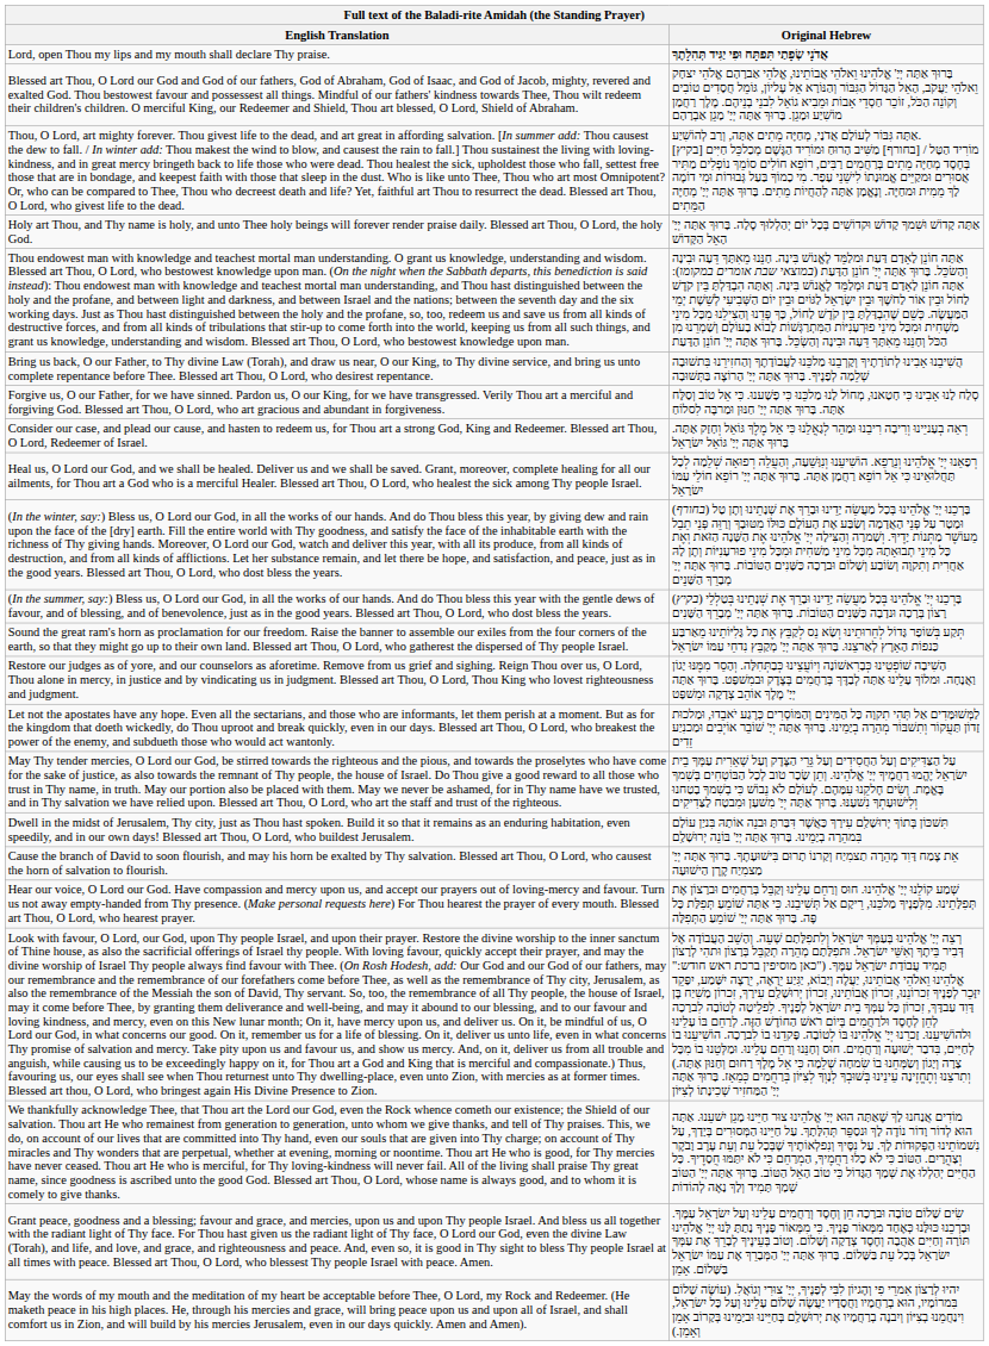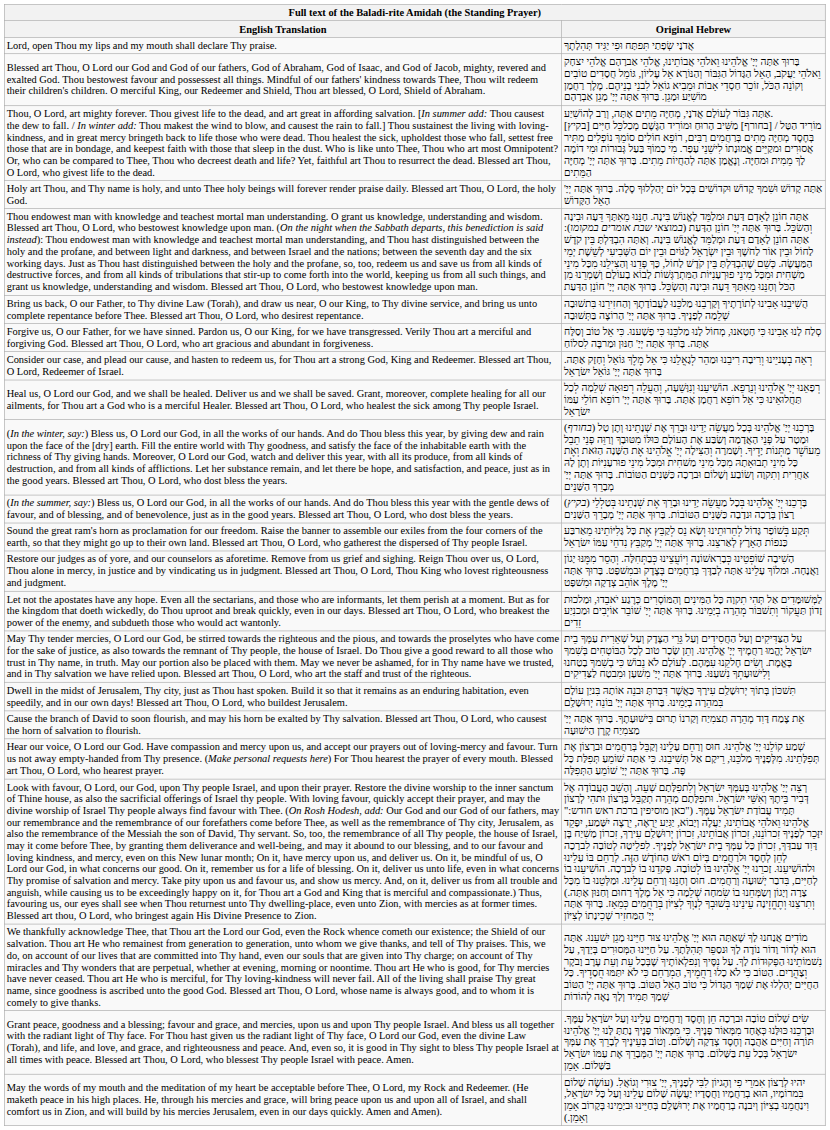 <table class="wikitable collapsible collapsed" style="width:100%">
 <tr>
 <th colspan=2>Full text of the Baladi-rite Amidah (the Standing Prayer)</th>
 </tr>
 <tr>
 <th>English Translation</th>
 <th>Original Hebrew</th>
 </tr>
 <tr>
 <td>Lord, open Thou my lips and my mouth shall declare Thy praise.</td>
-<td><strong>אֲדֹנָי שְׂפָתַי תִּפתָּח וּפִי יַגִּיד תְּהִלָתֶךָ</strong></td>
+<td>אֲדֹנָי שְׂפָתַי תִּפתָּח וּפִי יַגִּיד תְּהִלָתֶךָ</td>
 </tr>
 <tr>
 <td>Blessed art Thou, O Lord our God and God of our fathers, God of Abraham, God of Isaac, and God of Jacob, mighty, revered and exalted God. Thou bestowest favour and possessest all things. Mindful of our fathers' kindness towards Thee, Thou wilt redeem their children's children. O merciful King, our Redeemer and Shield, Thou art blessed, O Lord, Shield of Abraham.</td>
 <td>בָּרוּךְ אַתָּה יְיָ' אֱלֹהֵינוּ וֵאלֹהֵי אֲבוֹתֵינוּ, אֱלֹהֵי אַברָהָם אֱלֹהֵי יִצחָק וֵאלֹהֵי יַעֲקֹב, הָאֵל הַגָּדוֹל הַגִּבּוֹר וְהַנּוֹרָא אֵל עֶליוֹן, גּוֹמֵל חֲסָדִים טוֹבִים וְקוֹנֵה הַכֹּל, זוֹכֵר חַסְדֵי אָבוֹת וּמֵבִיא גוֹאֵל לִבנֵי בְנֵיהֶם. מֶלֶך רַחֲמָן מוֹשִׁיַע וּמָגֵן. בָּרוּךְ אַתָּה יְיָ' מָגֵן אַבְרָהָם</td>
 </tr>
 <tr>
 <td>Thou, O Lord, art mighty forever. Thou givest life to the dead, and art great in affording salvation. [<em>In summer add:</em> Thou causest the dew to fall. / <em>In winter add:</em> Thou makest the wind to blow, and causest the rain to fall.] Thou sustainest the living with loving-kindness, and in great mercy bringeth back to life those who were dead. Thou healest the sick, upholdest those who fall, settest free those that are in bondage, and keepest faith with those that sleep in the dust. Who is like unto Thee, Thou who art most Omnipotent? Or, who can be compared to Thee, Thou who decreest death and life? Yet, faithful art Thou to resurrect the dead. Blessed art Thou, O Lord, who givest life to the dead.</td>
 <td>אַתָּה גִּבּוֹר לְעוֹלָם אֲדֹנָי, מְחַיֶּה מֵתִים אָתָּה, וְרַב לְהוֹשִׁיַע.<br>[בקיץ] מוֹרִיד הַטָּל / [בחורף] מַשִּׁיב הָרוּחַ וּמוֹרִיד הַגֶּשֶׁם מְכַלכֵּל חַיִּים בְּחֶסֶד מְחַיֶּה מֵתִים בְּרַחֲמִים רַבִּים, רוֹפֵא חוֹלִים סוֹמֵךְ נוֹפְלִים מַתִּיר אֲסוּרִים וּמקַיֵּים אֱמוּנָתוֹ לִישֵׁנֵי עָפָר. מִי כָמוֹךָ בַּעַל גְּבוּרוֹת וּמִי דוֹמֶה לָךְ מֵמִית וּמחַיֶּה. וְנֶאֱמָן אַתָּה לְהַחֲיוֹת מֵתִים. בָּרוּךְ אַתָּה יְיָ' מְחַיֶּה הַמֵּתִים</td>
 </tr>
 <tr>
 <td>Holy art Thou, and Thy name is holy, and unto Thee holy beings will forever render praise daily. Blessed art Thou, O Lord, the holy God.</td>
 <td>אַתָּה קָדוֹשׁ וּשִׁמךָ קָדוֹשׁ וּקדוֹשִׁים בְּכָל יוֹם יְהַלְלוּךָ סֶלָה. בָּרוּךְ אַתָּה יְיָ' הָאֵל הַקָּדוֹשׁ</td>
 </tr>
 <tr>
 <td>Thou endowest man with knowledge and teachest mortal man understanding. O grant us knowledge, understanding and wisdom. Blessed art Thou, O Lord, who bestowest knowledge upon man. (<em>On the night when the Sabbath departs, this benediction is said instead</em>): Thou endowest man with knowledge and teachest mortal man understanding, and Thou hast distinguished between the holy and the profane, and between light and darkness, and between Israel and the nations; between the seventh day and the six working days. Just as Thou hast distinguished between the holy and the profane, so, too, redeem us and save us from all kinds of destructive forces, and from all kinds of tribulations that stir-up to come forth into the world, keeping us from all such things, and grant us knowledge, understanding and wisdom. Blessed art Thou, O Lord, who bestowest knowledge upon man.</td>
 <td>אַתָּה חוֹנֵן לָאָדָם דַּעַת וּמלַמֵּד לֶאֱנוֹשׁ בִּינָה. חָנֵּנוּ מֵאִתָּךְ דֵּעָה וּבִינָה וְהַשׂכֵּל. בָּרוּךְ אַתָּה יְיָ' חוֹנֵן הַדָּעַת (<em>במוצאי שבת אומרים במקומו</em>): אַתָּה חוֹנֵן לָאָדָם דַּעַת וּמְלַמֵּד לֶאֱנוֹשׁ בִּינָה. וְאַתָּה הִבְדַּלְתָּ בֵּין קֹדֶשׁ לַחוֹל וּבֵין אוֹר לַחֹשֶׁךְ וּבֵין יִשְׂרָאֵל לַגּוֹיִם וּבֵין יוֹם הַשְּׁבִיעִי לְשֵׁשֶׁת יְמֵי הַמַּעֲשֶׂה. כְּשֵׁם שֶׁהִבְדַּלְתָּ בֵּין קֹדֶשׁ לַחוֹל, כָּךְ פְּדֵנוּ וְהַצִילֵנוּ מִכָּל מִינֵי מַשְׁחִית וּמִכָּל מִינֵי פוּרְעָנִיּוֹת הַמִּתְרַגְּשׁוֹת לָבוֹא בָעוֹלָם וְשָׁמְרֵנוּ מִן הַכֹּל וְחָנֵּנוּ מֵאִתָּךְ דֵּעָה וּבִינָה וְהַשְׂכֵּל. בָּרוּךְ אַתָּה יְיָ' חוֹנֵן הַדָּעַת</td>
 </tr>
 <tr>
 <td>Bring us back, O our Father, to Thy divine Law (Torah), and draw us near, O our King, to Thy divine service, and bring us unto complete repentance before Thee. Blessed art Thou, O Lord, who desirest repentance.</td>
 <td>הֲשִׁיבֵנוּ אָבִינוּ לְתוֹרָתֶיךָ וְקָרְבֵנוּ מַלכֵּנוּ לַעֲבוֹדָתֶךָ וְהַחזִירֵנוּ בִּתשׁוּבָה שְׁלֵמָה לְפָנֶיךָ. בָּרוּךְ אַתָּה יְיָ' הָרוֹצֶה בַּתְּשׁוּבָה</td>
 </tr>
 <tr>
 <td>Forgive us, O our Father, for we have sinned. Pardon us, O our King, for we have transgressed. Verily Thou art a merciful and forgiving God. Blessed art Thou, O Lord, who art gracious and abundant in forgiveness.</td>
 <td>סְלַח לָנוּ אָבִינוּ כִּי חָטָאנוּ, מְחוֹל לָנוּ מַלכֵּנוּ כִּי פָשָׁענוּ. כִּי אֵל טוֹב וְסַלָּח אָתָּה. בָּרוּךְ אַתָּה יְיָ' חַנּוּן וּמַרבֶּה לִסלוֹחַ</td>
 </tr>
 <tr>
 <td>Consider our case, and plead our cause, and hasten to redeem us, for Thou art a strong God, King and Redeemer. Blessed art Thou, O Lord, Redeemer of Israel.</td>
 <td>רְאֵה בְעָניֵינוּ וְרִיבָה רִיבֵנוּ וּמַהֵר לְגָאֳלֵנוּ כִּי אֵל מֶלֶךְ גּוֹאֵל וְחָזָק אָתָּה. בָּרוּךְ אַתָּה יְיָ' גּוֹאֵל יִשׂרָאֵל</td>
 </tr>
 <tr>
 <td>Heal us, O Lord our God, and we shall be healed. Deliver us and we shall be saved. Grant, moreover, complete healing for all our ailments, for Thou art a God who is a merciful Healer. Blessed art Thou, O Lord, who healest the sick among Thy people Israel.</td>
 <td>רְפָאֵנוּ יְיָ' אֱלֹהֵינוּ וְנֵרָפֵא. הוֹשִׁיעֵנוּ וְנִוָּשֵׁעָה, וְהַעֲלֵה רְפוּאָה שְׁלֵמָה לְכָל תַּחֲלוּאֵינוּ כִּי אֵל רוֹפֵא רַחֲמָן אָתָּה. בָּרוּךְ אַתָּה יְיָ' רוֹפֵא חוֹלֵי עַמּוֹ יִשׂרָאֵל</td>
 </tr>
 <tr>
 <td>(<em>In the winter,  say:</em>) Bless us, O Lord our God, in all the works of our hands. And do Thou bless this year, by giving dew and rain upon the face of the [dry] earth. Fill the entire world with Thy goodness, and satisfy the face of the inhabitable earth with the richness of Thy giving hands. Moreover, O Lord our God, watch and deliver this year, with all its produce, from all kinds of destruction, and from all kinds of afflictions. Let her substance remain, and let there be hope, and satisfaction, and peace, just as in the good years. Blessed art Thou, O Lord, who dost bless the years.</td>
 <td>(<em>בחורף</em>) בָּרְכֵנוּ יְיָ' אֱלֹהֵינוּ בְּכָל מַעֲשֵׂה יָדֵינוּ וּבָרֵךְ אֶת שְׁנָתֵינוּ וְתֶן טָל וּמָטָר עַל פְּנֵי הָאֲדָמָה וְשַׂבַּע אֶת הָעוֹלָם כּוּלּוֹ מִטּוּבָךְ וְרַוֵּה פְּנֵי תֵבֵל מֵעוֹשֶׁר מַתְּנוֹת יָדֶיךָ. וְשָׁמרָה וְהַצִּילָה יְיָ' אֱלֹהֵינוּ אֶת הַשָּׁנָה הַזֹּאת וְאֶת כָּל מִינֵי תְבוּאָתָהּ מִכָּל מִינֵי מַשׁחִית וּמִכָּל מִינֵי פוּרעָנִיּוֹת וְתֶן לָהּ אַחֲרִית וְתִקוָה וְשׂוֹבַע וְשָׁלוֹם וּברָכָה כַּשָּׁנִים הַטּוֹבוֹת. בָּרוּךְ אַתָּה יְיָ' מְבָרֵךְ הַשָּׁנֵים</td>
 </tr>
 <tr>
 <td>(<em>In the summer, say:</em>) Bless us, O Lord our God, in all the works of our hands. And do Thou bless this year with the gentle dews of favour, and of blessing, and of benevolence, just as in the good years. Blessed art Thou, O Lord, who dost bless the years.</td>
 <td>(<em>בקיץ</em>) בָּרְכֵנוּ יְיָ' אֱלֹהֵינוּ בְּכָל מַעֲשֵׂה יָדֵינוּ וּבָרֵךְ אֶת שְׁנָתֵינוּ בְּטַלְלֵי רָצוֹן בְּרָכָה וּנדָבָה כַּשָּׁנִים הַטּוֹבוֹת. בָּרוּךְ אַתָּה יְיָ' מְבָרֵךְ הַשָּׁנִים</td>
 </tr>
 <tr>
 <td>Sound the great ram's horn as proclamation for our freedom. Raise the banner to assemble our exiles from the four corners of the earth, so that they might go up to their own land. Blessed art Thou, O Lord, who gatherest the dispersed of Thy people Israel.</td>
 <td>תְּקַע בְּשׁוֹפָר גָּדוֹל לְחֵרוּתֵינוּ וְשָׂא נֵס לְקַבֵּץ אֶת כָּל גָּלִיּוֹתֵינוּ מֵאַרבַּע כַּנפוֹת הָאָרֶץ לְאַרצֵנוּ. בָּרוּךְ אַתָּה יְיָ' מְקַבֵּץ נִדחֵי עַמּוֹ יִשׂרָאֵל</td>
 </tr>
 <tr>
 <td>Restore our judges as of yore, and our counselors as aforetime. Remove from us grief and sighing. Reign Thou over us, O Lord, Thou alone in mercy, in justice and by vindicating us in judgment. Blessed art Thou, O Lord, Thou King who lovest righteousness and judgment.</td>
 <td>הָשִׁיבָה שׁוֹפְטֵינוּ כְּבָרִאשׁוֹנָה וְיוֹעֲצֵינוּ כְּבַתְּחִלָּה. וְהָסֵר מִמֶּנּוּ יָגוֹן וַאֲנָחָה. וּמלוֹךְ עָלֵינוּ אַתָּה לְבַדֶּךּ בְּרַחֲמִים בְּצֶדֶק וּבמִשׁפָּט. בָּרוּךְ אַתָּה יְיָ' מֶלֶךְ אוֹהֵב צְדָקָה וּמִשׁפָּט</td>
 </tr>
 <tr>
 <td>Let not the apostates have any hope. Even all the sectarians, and those who are informants, let them perish at a moment. But as for the kingdom that doeth wickedly, do Thou uproot and break quickly, even in our days. Blessed art Thou, O Lord, who breakest the power of the enemy, and subdueth those who would act wantonly.</td>
 <td>לַמְּשׁוּמָּדִים אַל תְּהִי תִקוָה כָּל הַמִּינִים וְהַמּוֹסְרִים כְּרֶגַע יֹאבֵדוּ, וּמַלכוּת זָדוֹן תַּעֲקוֹר וְתִשׁבּוֹר מְהֵרָה בְיָמֵינוּ. בָּרוּךְ אַתָּה יְיָ' שׁוֹבֵר אוֹיְבִים וּמַכנִיַע זֵדִים</td>
 </tr>
 <tr>
 <td>May Thy tender mercies, O Lord our God, be stirred towards the righteous and the pious, and towards the proselytes who have come for the sake of justice, as also towards the remnant of Thy people, the house of Israel. Do Thou give a good reward to all those who trust in Thy name, in truth. May our portion also be placed with them. May we never be ashamed, for in Thy name have we trusted, and in Thy salvation we have relied upon. Blessed art Thou, O Lord, who art the staff and trust of the righteous.</td>
 <td>עַל הַצַּדִּיקִים וְעַל הַחֲסִידִים וְעַל גֵּרֵי הַצֶּדֶק וְעַל שְׁאֵרִית עַמְּךָ בֵית יִשׂרָאֵל יֶהֱמוּ רַחֲמֶיךָ יְיָ' אֱלֹהֵינוּ. וְתֵן שָׂכָר טֹוב לְכָל הַבּוֹטְחִים בְּשִׁמךָ בֶּאֱמֶת. וְשִׂים חֶלקֵנוּ עִמָּהֶם. לְעוֹלָם לֹא נֵבוֹשׁ כִּי בְשִׁמךָ בָטַחנוּ וְלִישׁוּעָתְךָ נִשׁעָנּוּ. בָּרוּך אַתָּה יְיָ' מִשׁעָן וּמִבטָח לַצַּדִיקִים</td>
 </tr>
 <tr>
 <td>Dwell in the midst of Jerusalem, Thy city, just as Thou hast spoken. Build it so that it remains as an enduring habitation, even speedily, and in our own days! Blessed art Thou, O Lord, who buildest Jerusalem.</td>
 <td>תִּשׁכּוֹן בְּתוֹךְ יְרוּשָׁלִַם עִירָךְ כַּאֲשֶׁר דִּבַּרתָּ וּבנֵה אוֹתָהּ בִּניַן עוֹלָם בִּמהֵרָה בְיָמֵינוּ. בָּרוּךְ אַתָּה יְיָ' בּוֹנֵה יְרוּשָׁלִָם</td>
 </tr>
 <tr>
 <td>Cause the branch of David to soon flourish, and may his horn be exalted by Thy salvation. Blessed art Thou, O Lord, who causest the horn of salvation to flourish.</td>
 <td>אֵת צֶמַח דָּוִד מְהֵרָה תַצמִיַח וְקַרנוֹ תָרוּם בִּישׁוּעָתֶךָ. בָּרוּךְ אַתָּה יְיָ' מַצמִיַח קֶרֶן הַישׁוּעָה</td>
 </tr>
 <tr>
 <td>Hear our voice, O Lord our God. Have compassion and mercy upon us, and accept our prayers out of loving-mercy and favour. Turn us not away empty-handed from Thy presence. (<em>Make personal requests here</em>) For Thou hearest the prayer of every mouth. Blessed art Thou, O Lord, who hearest prayer.</td>
 <td>שְׁמַע קוֹלֵנוּ יְיָ' אֱלֹהֵינוּ. חוּס וְרַחֵם עָלֵינוּ וְקַבֵּל בְּרַחֲמִים וּברָצוֹן אֶת תְּפִלָּתֵינוּ. מִלְּפָנֶיךָ מַלכֵּנוּ, רֵיקָם אַל תְּשִׁיבֵנוּ. כִּי אַתָּה שׁוֹמֵעַ תְּפִלַּת כָּל פֶּה. בָּרוּךְ אַתָּה יְיָ' שׁוֹמֵעַ הַתְּפִלָּה</td>
 </tr>
 <tr>
 <td>Look with favour, O Lord, our God, upon Thy people Israel, and upon their prayer. Restore the divine worship to the inner sanctum of Thine house, as also the sacrificial offerings of Israel thy people. With loving favour, quickly accept their prayer, and may the divine worship of Israel Thy people always find favour with Thee. (<em>On Rosh Hodesh, add:</em> Our God and our God of our fathers, may our remembrance and the remembrance of our forefathers come before Thee, as well as the remembrance of Thy city, Jerusalem, as also the remembrance of the Messiah the son of David, Thy servant. So, too, the remembrance of all Thy people, the house of Israel, may it come before Thee, by granting them deliverance and well-being, and may it abound to our blessing, and to our favour and loving kindness, and mercy, even on this New lunar month; On it, have mercy upon us, and deliver us. On it, be mindful of us, O Lord our God, in what concerns our good. On it, remember us for a life of blessing. On it, deliver us unto life, even in what concerns Thy promise of salvation and mercy. Take pity upon us and favour us, and show us mercy. And, on it, deliver us from all trouble and anguish, while causing us to be exceedingly happy on it, for Thou art a God and King that is merciful and compassionate.) Thus, favouring us, our eyes shall see when Thou returnest unto Thy dwelling-place, even unto Zion, with mercies as at former times. Blessed art thou, O Lord, who bringest again His Divine Presence to Zion.</td>
 <td>רְצֵה יְיָ' אֱלֹהֵינוּ בְּעַמְּךָ יִשׂרָאֵל וְלִתפִלָּתָם שְׁעֵה. וְהָשֵׁב הָעֲבוֹדָה אֶל דְּבִיר בֵּיתֶךָ וְאִשֵּׁי יִשׂרָאֵל. וּתפִלָּתָם מְהֵרָה תְקַבֵּל בְּרָצוֹן וּתהִי לְרָצוֹן תָּמִיד עֲבוֹדַת יִשׂרָאֵל עַמֶּךָ. ("כאן מוסיפין ברכת ראש חודש:" אֱלֹהֵינוּ וֵאלֹהֵי אֲבוֹתֵינוּ, יַעֲלֶה וְיָבוֹא, יַגִּיַע יֵרָאֶה, יֵרָצֶה יִשָּׁמַע, יִפָּקֵד יִזָּכֵר לְפָנֶיךָ זִכרוֹנֵנוּ, זִכרוֹן אֲבוֹתֵינוּ, זִכרוֹן יְרוּשָׁלִַם עִירָךְ, זִכרוֹן מָשִׁיַח בֶּן דָּוִד עַבדָּךְ, זִכרוֹן כָּל עַמְּךָ בֵית יִשׂרָאֵל לְפָנֶיךָ. לִפלֵיטָה לְטוֹבָה לִברָכָה לְחֵן לְחֶסֶד וּלרַחֲמִים בְּיוֹם רֹאשׁ הַחוֹדֶשׁ הַזֶּה. לְרַחֵם בּוֹ עָלֵינוּ וּלהוֹשִׁיעֵנוּ. זָכרֵנוּ יְיָ' אֱלֹהֵינוּ בּוֹ לְטוֹבָה. פָּקדֵנוּ בוֹ לִברָכָה. הוֹשִׁיעֵנוּ בוֹ לְחַיִּים, בִּדבַר יְשׁוּעָה וְרַחֲמִים. חוּס וְחָנֵּנוּ וְרַחֵם עָלֵינוּ. וּמַלְּטֵנוּ בוֹ מִכָּל צָרָה וְיָגוֹן וְשַֹמְּחֵנוּ בוֹ שִׂמחָה שְׁלֵמָה כִּי אֵל מֶלֶךְ רַחוּם וְחַנּוּן אָתָּה.) וְתִרצֵנוּ וְתֶחֱזֶינָה עֵינֵינוּ בְּשׁוּבְךָ לְנָוְךָ לְצִיּוֹן בְּרַחֲמִים כְּמֵאָז. בָּרוּךְ אַתָּה יְיָ' הַמַּחזִיר שְׁכִינָתוֹ לְצִיּוֹן</td>
 </tr>
 <tr>
 <td>We thankfully acknowledge Thee, that Thou art the Lord our God, even the Rock whence cometh our existence; the Shield of our salvation. Thou art He who remainest from generation to generation, unto whom we give thanks, and tell of Thy praises. This, we do, on account of our lives that are committed into Thy hand, even our souls that are given into Thy charge; on account of Thy miracles and Thy wonders that are perpetual, whether at evening, morning or noontime. Thou art He who is good, for Thy mercies have never ceased. Thou art He who is merciful, for Thy loving-kindness will never fail. All of the living shall praise Thy great name, since goodness is ascribed unto the good God. Blessed art Thou, O Lord, whose name is always good, and to whom it is comely to give thanks.</td>
 <td>מוֹדִים אֲנַחנוּ לָךְ שֶׁאַתָּה הוּא יְיָ' אֱלֹהֵינוּ צוּר חַיֵּינוּ מָגֵן יִשׁעֵנוּ. אַתָּה הוּא לְדוֹר וָדוֹר נוֹדֶה לָךְ וּנסַפֵּר תְּהִלָּתָךְ. עַל חַיֵּינוּ הַמְּסוּרִים בְּיָדָךְ, עַל נִשׁמוֹתֵינוּ הַפְּקוּדוֹת לָךְ. עַל נִסֶּיךָ וְנִפלְאוֹתֶיךָ שֶׁבְּכָל עֵת וְעֵת עֶרֶב וָבֹקֶר וְצָהֳרָיִם. הַטּוֹב כִּי לֹא כָלוּ רַחֲמֶיךָ, הַמְרַחֵם כִּי לֹא יִתַּמּוּ חֲסָדֶיךָ. כָּל הַחֲיִּים יְהַלְלוּ אֶת שְׁמָךְ הַגָּדוֹל כִּי טוֹב הָאֵל הַטּוֹב. בָּרוּךְ אַתָּה יְיָ' הַטּוֹב שְׁמָךְ תָּמִיד וְלָךְ נָאֶה לְהוֹדוֹת</td>
 </tr>
 <tr>
 <td>Grant peace, goodness and a blessing; favour and grace, and mercies, upon us and upon Thy people Israel. And bless us all together with the radiant light of Thy face. For Thou hast given us the radiant light of Thy face, O Lord our God, even the divine Law (Torah), and life, and love, and grace, and righteousness and peace. And, even so, it is good in Thy sight to bless Thy people Israel at all times with peace. Blessed art Thou, O Lord, who blessest Thy people Israel with peace. Amen.</td>
 <td>שִׂים שָׁלוֹם טוֹבָה וּברָכָה חֵן וְחֶסֶד וְרַחֲמִים עָלֵינוּ וְעַל יִשׂרָאֵל עַמֶּךָ. וּבָרְכֵנוּ כּוּלָּנוּ כְּאֶחָד מִמְּאוֹר פָּנֶיךָ. כִּי מִמְּאוֹר פָּנֶיךָ נָתַתָּ לָּנוּ יְיָ' אֱלֹהֵינוּ תּוֹרָה וְחַיִּים אַהֲבָה וְחֶסֶד צְדָקָה וְשָׁלוֹם. וְטוֹב בְּעֵינֶיךָ לְבָרֵךְ אֶת עַמְּךָ יִשׂרָאֵל בְּכָל עֵת בַּשָּׁלוֹם. בָּרוּךְ אַתָּה יְיָ' הַמְּבָרֵךְ אֶת עַמּוֹ יִשׂרָאֵל בַּשָּׁלוֹם. אָמֵן</td>
 </tr>
 <tr>
 <td>May the words of my mouth and the meditation of my heart be acceptable before Thee, O Lord, my Rock and Redeemer. (He maketh peace in his high places. He, through his mercies and grace, will bring peace upon us and upon all of Israel, and shall comfort us in Zion, and will build by his mercies Jerusalem, even in our days quickly. Amen and Amen).</td>
 <td>יִהיוּ לְרָצוֹן אִמרֵי פִי וְהֶגיוֹן לִבִּי לְפָנֶיךָ, יְיָ' צוּרִי וְגוֹאֲלִ. (עוֹשֶׂה שָׁלוֹם בִּמרוֹמָיו, הוּא בְרַחֲמָיו וַחֲסָדָיו יַעֲשֶׂה שָׁלוֹם עָלֵינוּ וְעַל כָּל יִשׂרָאֵל, וִינַחֲמֵנוּ בְצִיּוֹן וְיִבנֶה בְרַחֲמָיו אֶת יְרוּשָׁלִָם בְּחַיֵּינוּ וּביָמֵינוּ בְּקָרוֹב אָמֵן וְאָמֵן.)</td>
 </tr>
 </table>
